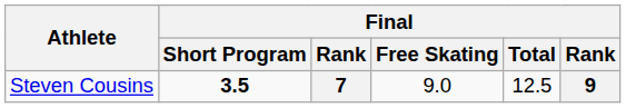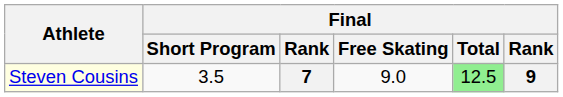 <table class="wikitable" style="font-size:90%">
 <tr>
 <th rowspan="2">Athlete</th>
 <th colspan="9">Final</th>
 </tr>
 <tr>
 <th>Short Program</th>
 <th>Rank</th>
 <th>Free Skating</th>
 <th>Total</th>
 <th>Rank</th>
 </tr>
 <tr>
-<td><a href='#'>Steven Cousins</a></td>
-<td align="center"><strong>3.5</strong></td>
+<td style="background: lightyellow;"><a href='#'>Steven Cousins</a></td>
+<td align="center">3.5</td>
 <th align="center">7</th>
 <td align="center">9.0</td>
-<td align="center">12.5</td>
+<td align="center" style="background: lightgreen;">12.5</td>
 <th align="center">9</th>
 </tr>
 </table>
